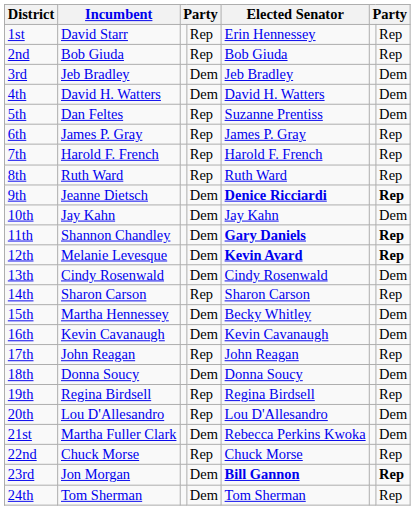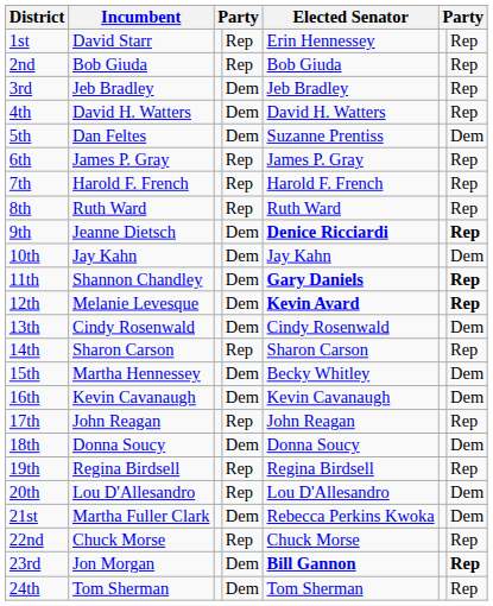 <table class="sortable wikitable" style="font-size:95%;line-height:14px;">
 <tr>
 <th class="unsortable">District</th>
 <th class="unsortable"><a href='#'>Incumbent</a></th>
 <th colspan="2">Party</th>
 <th class="unsortable">Elected Senator</th>
 <th colspan="2">Party</th>
 </tr>
 <tr>
 <td><a href='#'>1st</a></td>
 <td><a href='#'>David Starr</a></td>
 <td style="background:"></td>
 <td>Rep</td>
 <td><a href='#'>Erin Hennessey</a></td>
 <td style="background:"></td>
 <td>Rep</td>
 </tr>
 <tr>
 <td><a href='#'>2nd</a></td>
 <td><a href='#'>Bob Giuda</a></td>
 <td style="background:"></td>
 <td>Rep</td>
 <td><a href='#'>Bob Giuda</a></td>
 <td style="background:"></td>
 <td>Rep</td>
 </tr>
 <tr>
 <td><a href='#'>3rd</a></td>
 <td><a href='#'>Jeb Bradley</a></td>
 <td style="background:"></td>
 <td>Dem</td>
 <td><a href='#'>Jeb Bradley</a></td>
 <td style="background:"></td>
-<td>Dem</td>
+<td>Rep</td>
 </tr>
 <tr>
 <td><a href='#'>4th</a></td>
 <td><a href='#'>David H. Watters</a></td>
 <td style="background:"></td>
 <td>Dem</td>
 <td><a href='#'>David H. Watters</a></td>
 <td style="background:"></td>
-<td>Dem</td>
+<td>Rep</td>
 </tr>
 <tr>
 <td><a href='#'>5th</a></td>
 <td><a href='#'>Dan Feltes</a></td>
 <td style="background:"></td>
-<td>Rep</td>
+<td>Dem</td>
 <td><a href='#'>Suzanne Prentiss</a></td>
 <td style="background:"></td>
 <td>Dem</td>
 </tr>
 <tr>
 <td><a href='#'>6th</a></td>
 <td><a href='#'>James P. Gray</a></td>
 <td style="background:"></td>
 <td>Rep</td>
 <td><a href='#'>James P. Gray</a></td>
 <td style="background:"></td>
 <td>Rep</td>
 </tr>
 <tr>
 <td><a href='#'>7th</a></td>
 <td><a href='#'>Harold F. French</a></td>
 <td style="background:"></td>
 <td>Rep</td>
 <td><a href='#'>Harold F. French</a></td>
 <td style="background:"></td>
 <td>Rep</td>
 </tr>
 <tr>
 <td><a href='#'>8th</a></td>
 <td><a href='#'>Ruth Ward</a></td>
 <td style="background:"></td>
 <td>Rep</td>
 <td><a href='#'>Ruth Ward</a></td>
 <td style="background:"></td>
 <td>Rep</td>
 </tr>
 <tr>
 <td><a href='#'>9th</a></td>
 <td><a href='#'>Jeanne Dietsch</a></td>
 <td style="background:"></td>
 <td>Dem</td>
 <td><strong><a href='#'>Denice Ricciardi</a></strong></td>
 <td style="background:"></td>
 <td><strong>Rep</strong></td>
 </tr>
 <tr>
 <td><a href='#'>10th</a></td>
 <td><a href='#'>Jay Kahn</a></td>
 <td style="background:"></td>
 <td>Dem</td>
 <td><a href='#'>Jay Kahn</a></td>
 <td style="background:"></td>
 <td>Dem</td>
 </tr>
 <tr>
 <td><a href='#'>11th</a></td>
 <td><a href='#'>Shannon Chandley</a></td>
 <td style="background:"></td>
 <td>Dem</td>
 <td><strong><a href='#'>Gary Daniels</a></strong></td>
 <td style="background:"></td>
 <td><strong>Rep</strong></td>
 </tr>
 <tr>
 <td><a href='#'>12th</a></td>
 <td><a href='#'>Melanie Levesque</a></td>
 <td style="background:"></td>
 <td>Dem</td>
 <td><strong><a href='#'>Kevin Avard</a></strong></td>
 <td style="background:"></td>
 <td><strong>Rep</strong></td>
 </tr>
 <tr>
 <td><a href='#'>13th</a></td>
 <td><a href='#'>Cindy Rosenwald</a></td>
 <td style="background:"></td>
 <td>Dem</td>
 <td><a href='#'>Cindy Rosenwald</a></td>
 <td style="background:"></td>
 <td>Dem</td>
 </tr>
 <tr>
 <td><a href='#'>14th</a></td>
 <td><a href='#'>Sharon Carson</a></td>
 <td style="background:"></td>
 <td>Rep</td>
 <td><a href='#'>Sharon Carson</a></td>
 <td style="background:"></td>
 <td>Rep</td>
 </tr>
 <tr>
 <td><a href='#'>15th</a></td>
 <td><a href='#'>Martha Hennessey</a></td>
 <td style="background:"></td>
 <td>Dem</td>
 <td><a href='#'>Becky Whitley</a></td>
 <td style="background:"></td>
 <td>Dem</td>
 </tr>
 <tr>
 <td><a href='#'>16th</a></td>
 <td><a href='#'>Kevin Cavanaugh</a></td>
 <td style="background:"></td>
 <td>Dem</td>
 <td><a href='#'>Kevin Cavanaugh</a></td>
 <td style="background:"></td>
 <td>Dem</td>
 </tr>
 <tr>
 <td><a href='#'>17th</a></td>
 <td><a href='#'>John Reagan</a></td>
 <td style="background:"></td>
 <td>Rep</td>
 <td><a href='#'>John Reagan</a></td>
 <td style="background:"></td>
 <td>Rep</td>
 </tr>
 <tr>
 <td><a href='#'>18th</a></td>
 <td><a href='#'>Donna Soucy</a></td>
 <td style="background:"></td>
 <td>Dem</td>
 <td><a href='#'>Donna Soucy</a></td>
 <td style="background:"></td>
 <td>Dem</td>
 </tr>
 <tr>
 <td><a href='#'>19th</a></td>
 <td><a href='#'>Regina Birdsell</a></td>
 <td style="background:"></td>
 <td>Rep</td>
 <td><a href='#'>Regina Birdsell</a></td>
 <td style="background:"></td>
 <td>Rep</td>
 </tr>
 <tr>
 <td><a href='#'>20th</a></td>
 <td><a href='#'>Lou D'Allesandro</a></td>
 <td style="background:"></td>
 <td>Rep</td>
 <td><a href='#'>Lou D'Allesandro</a></td>
 <td style="background:"></td>
 <td>Dem</td>
 </tr>
 <tr>
 <td><a href='#'>21st</a></td>
 <td><a href='#'>Martha Fuller Clark</a></td>
 <td style="background:"></td>
 <td>Dem</td>
 <td><a href='#'>Rebecca Perkins Kwoka</a></td>
 <td style="background:"></td>
 <td>Dem</td>
 </tr>
 <tr>
 <td><a href='#'>22nd</a></td>
 <td><a href='#'>Chuck Morse</a></td>
 <td style="background:"></td>
 <td>Rep</td>
 <td><a href='#'>Chuck Morse</a></td>
 <td style="background:"></td>
 <td>Rep</td>
 </tr>
 <tr>
 <td><a href='#'>23rd</a></td>
 <td><a href='#'>Jon Morgan</a></td>
 <td style="background:"></td>
 <td>Dem</td>
 <td><strong><a href='#'>Bill Gannon</a></strong></td>
 <td style="background:"></td>
 <td><strong>Rep</strong></td>
 </tr>
 <tr>
 <td><a href='#'>24th</a></td>
 <td><a href='#'>Tom Sherman</a></td>
 <td style="background:"></td>
 <td>Dem</td>
 <td><a href='#'>Tom Sherman</a></td>
 <td style="background:"></td>
 <td>Rep</td>
 </tr>
 </table>
